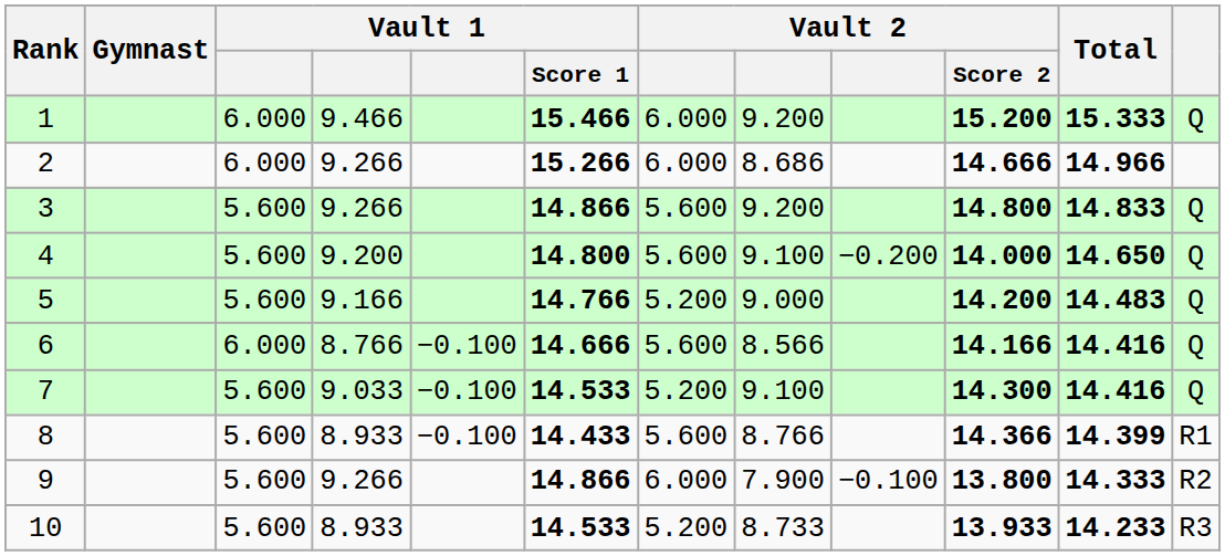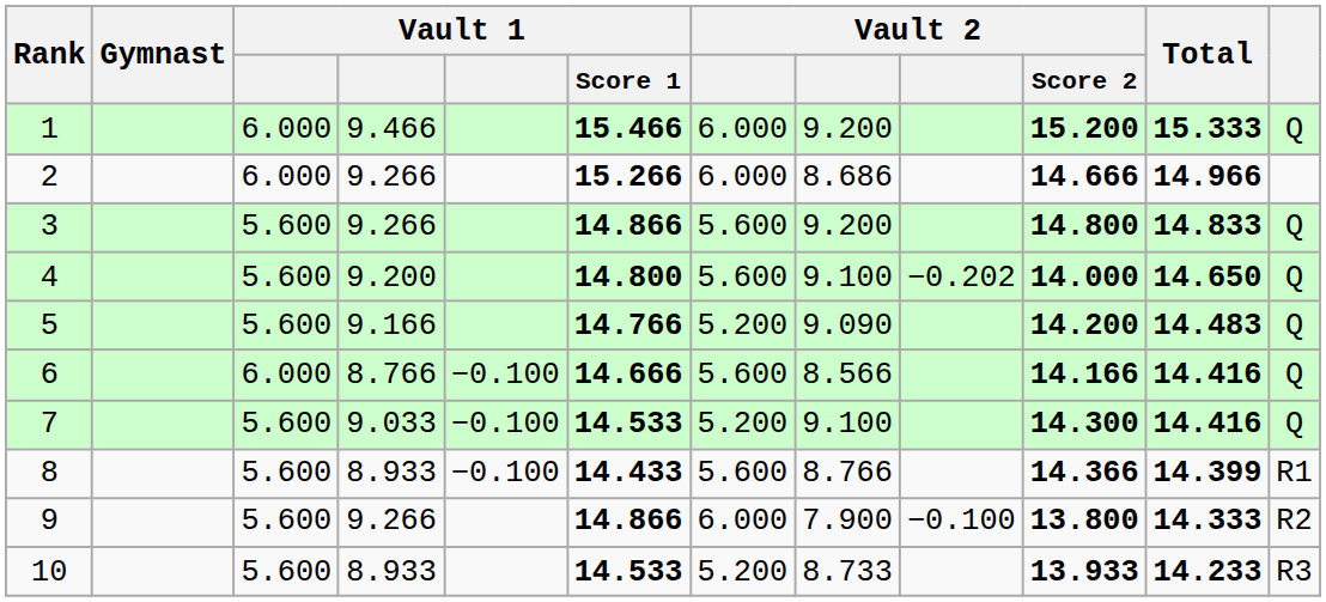 <table class="wikitable sortable" style="text-align:center">
 <tr>
 <th rowspan=2>Rank</th>
 <th rowspan=2>Gymnast</th>
 <th colspan=4>Vault 1</th>
 <th colspan=4>Vault 2</th>
 <th rowspan=2>Total</th>
 <th rowspan=2><small></small></th>
 </tr>
 <tr>
 <th><small></small></th>
 <th><small></small></th>
 <th><small></small></th>
 <th><small>Score 1</small></th>
 <th><small></small></th>
 <th><small></small></th>
 <th><small></small></th>
 <th><small>Score 2</small></th>
 </tr>
 <tr bgcolor=ccffcc>
 <td>1</td>
 <td align=left></td>
 <td>6.000</td>
 <td>9.466</td>
 <td></td>
 <td><strong>15.466</strong></td>
 <td>6.000</td>
 <td>9.200</td>
 <td></td>
 <td><strong>15.200</strong></td>
 <td><strong>15.333</strong></td>
 <td>Q</td>
 </tr>
 <tr>
 <td>2</td>
 <td align=left></td>
 <td>6.000</td>
 <td>9.266</td>
 <td></td>
 <td><strong>15.266</strong></td>
 <td>6.000</td>
 <td>8.686</td>
 <td></td>
 <td><strong>14.666</strong></td>
 <td><strong>14.966</strong></td>
 <td></td>
 </tr>
 <tr bgcolor=ccffcc>
 <td>3</td>
 <td align=left></td>
 <td>5.600</td>
 <td>9.266</td>
 <td></td>
 <td><strong>14.866</strong></td>
 <td>5.600</td>
 <td>9.200</td>
 <td></td>
 <td><strong>14.800</strong></td>
 <td><strong>14.833</strong></td>
 <td>Q</td>
 </tr>
 <tr bgcolor=ccffcc>
 <td>4</td>
 <td align=left></td>
 <td>5.600</td>
 <td>9.200</td>
 <td></td>
 <td><strong>14.800</strong></td>
 <td>5.600</td>
 <td>9.100</td>
-<td>−0.200</td>
+<td>−0.202</td>
 <td><strong>14.000</strong></td>
 <td><strong>14.650</strong></td>
 <td>Q</td>
 </tr>
 <tr bgcolor=ccffcc>
 <td>5</td>
 <td align=left></td>
 <td>5.600</td>
 <td>9.166</td>
 <td></td>
 <td><strong>14.766</strong></td>
 <td>5.200</td>
-<td>9.000</td>
+<td>9.090</td>
 <td></td>
 <td><strong>14.200</strong></td>
 <td><strong>14.483</strong></td>
 <td>Q</td>
 </tr>
 <tr bgcolor=ccffcc>
 <td>6</td>
 <td align=left></td>
 <td>6.000</td>
 <td>8.766</td>
 <td>−0.100</td>
 <td><strong>14.666</strong></td>
 <td>5.600</td>
 <td>8.566</td>
 <td></td>
 <td><strong>14.166</strong></td>
 <td><strong>14.416</strong></td>
 <td>Q</td>
 </tr>
 <tr bgcolor=ccffcc>
 <td>7</td>
 <td align=left></td>
 <td>5.600</td>
 <td>9.033</td>
 <td>−0.100</td>
 <td><strong>14.533</strong></td>
 <td>5.200</td>
 <td>9.100</td>
 <td></td>
 <td><strong>14.300</strong></td>
 <td><strong>14.416</strong></td>
 <td>Q</td>
 </tr>
 <tr>
 <td>8</td>
 <td align=left></td>
 <td>5.600</td>
 <td>8.933</td>
 <td>−0.100</td>
 <td><strong>14.433</strong></td>
 <td>5.600</td>
 <td>8.766</td>
 <td></td>
 <td><strong>14.366</strong></td>
 <td><strong>14.399</strong></td>
 <td>R1</td>
 </tr>
 <tr>
 <td>9</td>
 <td align=left></td>
 <td>5.600</td>
 <td>9.266</td>
 <td></td>
 <td><strong>14.866</strong></td>
 <td>6.000</td>
 <td>7.900</td>
 <td>−0.100</td>
 <td><strong>13.800</strong></td>
 <td><strong>14.333</strong></td>
 <td>R2</td>
 </tr>
 <tr>
 <td>10</td>
 <td align=left></td>
 <td>5.600</td>
 <td>8.933</td>
 <td></td>
 <td><strong>14.533</strong></td>
 <td>5.200</td>
 <td>8.733</td>
 <td></td>
 <td><strong>13.933</strong></td>
 <td><strong>14.233</strong></td>
 <td>R3</td>
 </tr>
 </table>
